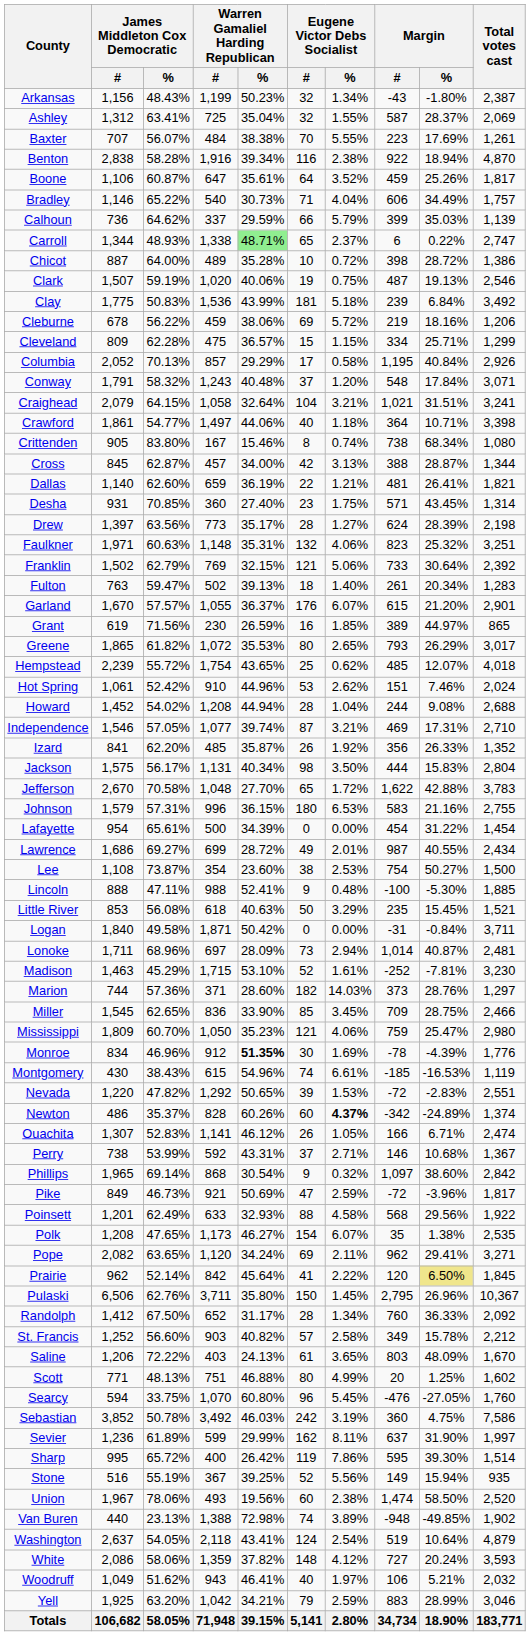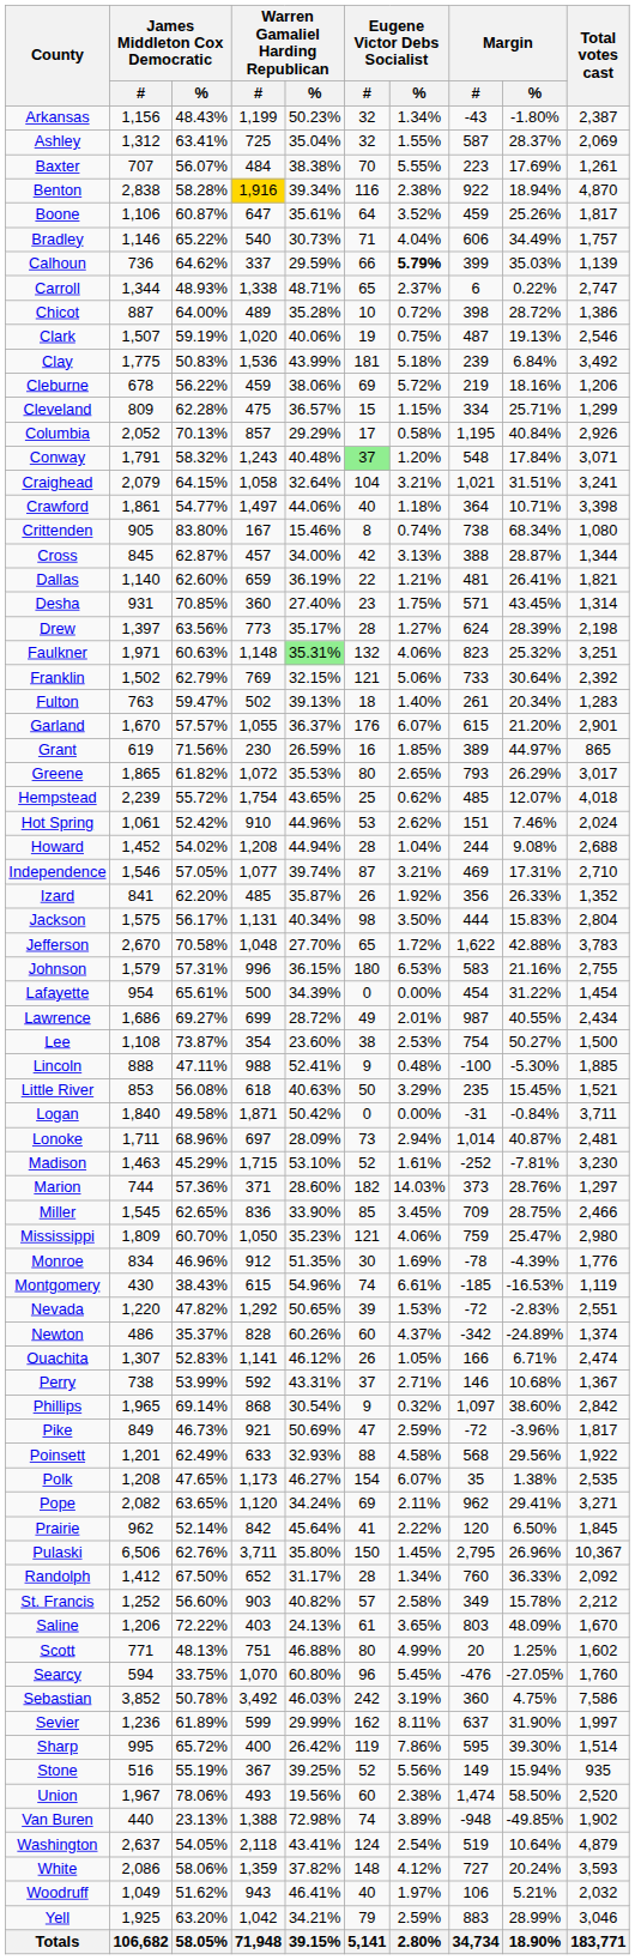 <table width="70%" class="wikitable sortable mw-collapsible mw-collapsed nowrap">
 <tr>
 <th rowspan="2">County</th>
 <th colspan="2">James Middleton Cox<br>Democratic</th>
 <th colspan="2">Warren Gamaliel Harding<br>Republican</th>
 <th colspan="2">Eugene Victor Debs<br>Socialist</th>
 <th colspan="2">Margin</th>
 <th rowspan="2">Total votes cast</th>
 </tr>
 <tr bgcolor="lightgrey">
 <th data-sort-type="number">#</th>
 <th data-sort-type="number">%</th>
 <th data-sort-type="number">#</th>
 <th data-sort-type="number">%</th>
 <th data-sort-type="number">#</th>
 <th data-sort-type="number">%</th>
 <th data-sort-type="number">#</th>
 <th data-sort-type="number">%</th>
 </tr>
 <tr style="text-align:center;">
 <td><a href='#'>Arkansas</a></td>
 <td>1,156</td>
 <td>48.43%</td>
 <td>1,199</td>
 <td>50.23%</td>
 <td>32</td>
 <td>1.34%</td>
 <td>-43</td>
 <td>-1.80%</td>
 <td>2,387</td>
 </tr>
 <tr style="text-align:center;">
 <td><a href='#'>Ashley</a></td>
 <td>1,312</td>
 <td>63.41%</td>
 <td>725</td>
 <td>35.04%</td>
 <td>32</td>
 <td>1.55%</td>
 <td>587</td>
 <td>28.37%</td>
 <td>2,069</td>
 </tr>
 <tr style="text-align:center;">
 <td><a href='#'>Baxter</a></td>
 <td>707</td>
 <td>56.07%</td>
 <td>484</td>
 <td>38.38%</td>
 <td>70</td>
 <td>5.55%</td>
 <td>223</td>
 <td>17.69%</td>
 <td>1,261</td>
 </tr>
 <tr style="text-align:center;">
 <td><a href='#'>Benton</a></td>
 <td>2,838</td>
 <td>58.28%</td>
-<td>1,916</td>
+<td style="background: gold;">1,916</td>
 <td>39.34%</td>
 <td>116</td>
 <td>2.38%</td>
 <td>922</td>
 <td>18.94%</td>
 <td>4,870</td>
 </tr>
 <tr style="text-align:center;">
 <td><a href='#'>Boone</a></td>
 <td>1,106</td>
 <td>60.87%</td>
 <td>647</td>
 <td>35.61%</td>
 <td>64</td>
 <td>3.52%</td>
 <td>459</td>
 <td>25.26%</td>
 <td>1,817</td>
 </tr>
 <tr style="text-align:center;">
 <td><a href='#'>Bradley</a></td>
 <td>1,146</td>
 <td>65.22%</td>
 <td>540</td>
 <td>30.73%</td>
 <td>71</td>
 <td>4.04%</td>
 <td>606</td>
 <td>34.49%</td>
 <td>1,757</td>
 </tr>
 <tr style="text-align:center;">
 <td><a href='#'>Calhoun</a></td>
 <td>736</td>
 <td>64.62%</td>
 <td>337</td>
 <td>29.59%</td>
 <td>66</td>
-<td>5.79%</td>
+<td><strong>5.79%</strong></td>
 <td>399</td>
 <td>35.03%</td>
 <td>1,139</td>
 </tr>
 <tr style="text-align:center;">
 <td><a href='#'>Carroll</a></td>
 <td>1,344</td>
 <td>48.93%</td>
 <td>1,338</td>
-<td style="background: lightgreen;">48.71%</td>
+<td>48.71%</td>
 <td>65</td>
 <td>2.37%</td>
 <td>6</td>
 <td>0.22%</td>
 <td>2,747</td>
 </tr>
 <tr style="text-align:center;">
 <td><a href='#'>Chicot</a></td>
 <td>887</td>
 <td>64.00%</td>
 <td>489</td>
 <td>35.28%</td>
 <td>10</td>
 <td>0.72%</td>
 <td>398</td>
 <td>28.72%</td>
 <td>1,386</td>
 </tr>
 <tr style="text-align:center;">
 <td><a href='#'>Clark</a></td>
 <td>1,507</td>
 <td>59.19%</td>
 <td>1,020</td>
 <td>40.06%</td>
 <td>19</td>
 <td>0.75%</td>
 <td>487</td>
 <td>19.13%</td>
 <td>2,546</td>
 </tr>
 <tr style="text-align:center;">
 <td><a href='#'>Clay</a></td>
 <td>1,775</td>
 <td>50.83%</td>
 <td>1,536</td>
 <td>43.99%</td>
 <td>181</td>
 <td>5.18%</td>
 <td>239</td>
 <td>6.84%</td>
 <td>3,492</td>
 </tr>
 <tr style="text-align:center;">
 <td><a href='#'>Cleburne</a></td>
 <td>678</td>
 <td>56.22%</td>
 <td>459</td>
 <td>38.06%</td>
 <td>69</td>
 <td>5.72%</td>
 <td>219</td>
 <td>18.16%</td>
 <td>1,206</td>
 </tr>
 <tr style="text-align:center;">
 <td><a href='#'>Cleveland</a></td>
 <td>809</td>
 <td>62.28%</td>
 <td>475</td>
 <td>36.57%</td>
 <td>15</td>
 <td>1.15%</td>
 <td>334</td>
 <td>25.71%</td>
 <td>1,299</td>
 </tr>
 <tr style="text-align:center;">
 <td><a href='#'>Columbia</a></td>
 <td>2,052</td>
 <td>70.13%</td>
 <td>857</td>
 <td>29.29%</td>
 <td>17</td>
 <td>0.58%</td>
 <td>1,195</td>
 <td>40.84%</td>
 <td>2,926</td>
 </tr>
 <tr style="text-align:center;">
 <td><a href='#'>Conway</a></td>
 <td>1,791</td>
 <td>58.32%</td>
 <td>1,243</td>
 <td>40.48%</td>
-<td>37</td>
+<td style="background: lightgreen;">37</td>
 <td>1.20%</td>
 <td>548</td>
 <td>17.84%</td>
 <td>3,071</td>
 </tr>
 <tr style="text-align:center;">
 <td><a href='#'>Craighead</a></td>
 <td>2,079</td>
 <td>64.15%</td>
 <td>1,058</td>
 <td>32.64%</td>
 <td>104</td>
 <td>3.21%</td>
 <td>1,021</td>
 <td>31.51%</td>
 <td>3,241</td>
 </tr>
 <tr style="text-align:center;">
 <td><a href='#'>Crawford</a></td>
 <td>1,861</td>
 <td>54.77%</td>
 <td>1,497</td>
 <td>44.06%</td>
 <td>40</td>
 <td>1.18%</td>
 <td>364</td>
 <td>10.71%</td>
 <td>3,398</td>
 </tr>
 <tr style="text-align:center;">
 <td><a href='#'>Crittenden</a></td>
 <td>905</td>
 <td>83.80%</td>
 <td>167</td>
 <td>15.46%</td>
 <td>8</td>
 <td>0.74%</td>
 <td>738</td>
 <td>68.34%</td>
 <td>1,080</td>
 </tr>
 <tr style="text-align:center;">
 <td><a href='#'>Cross</a></td>
 <td>845</td>
 <td>62.87%</td>
 <td>457</td>
 <td>34.00%</td>
 <td>42</td>
 <td>3.13%</td>
 <td>388</td>
 <td>28.87%</td>
 <td>1,344</td>
 </tr>
 <tr style="text-align:center;">
 <td><a href='#'>Dallas</a></td>
 <td>1,140</td>
 <td>62.60%</td>
 <td>659</td>
 <td>36.19%</td>
 <td>22</td>
 <td>1.21%</td>
 <td>481</td>
 <td>26.41%</td>
 <td>1,821</td>
 </tr>
 <tr style="text-align:center;">
 <td><a href='#'>Desha</a></td>
 <td>931</td>
 <td>70.85%</td>
 <td>360</td>
 <td>27.40%</td>
 <td>23</td>
 <td>1.75%</td>
 <td>571</td>
 <td>43.45%</td>
 <td>1,314</td>
 </tr>
 <tr style="text-align:center;">
 <td><a href='#'>Drew</a></td>
 <td>1,397</td>
 <td>63.56%</td>
 <td>773</td>
 <td>35.17%</td>
 <td>28</td>
 <td>1.27%</td>
 <td>624</td>
 <td>28.39%</td>
 <td>2,198</td>
 </tr>
 <tr style="text-align:center;">
 <td><a href='#'>Faulkner</a></td>
 <td>1,971</td>
 <td>60.63%</td>
 <td>1,148</td>
-<td>35.31%</td>
+<td style="background: lightgreen;">35.31%</td>
 <td>132</td>
 <td>4.06%</td>
 <td>823</td>
 <td>25.32%</td>
 <td>3,251</td>
 </tr>
 <tr style="text-align:center;">
 <td><a href='#'>Franklin</a></td>
 <td>1,502</td>
 <td>62.79%</td>
 <td>769</td>
 <td>32.15%</td>
 <td>121</td>
 <td>5.06%</td>
 <td>733</td>
 <td>30.64%</td>
 <td>2,392</td>
 </tr>
 <tr style="text-align:center;">
 <td><a href='#'>Fulton</a></td>
 <td>763</td>
 <td>59.47%</td>
 <td>502</td>
 <td>39.13%</td>
 <td>18</td>
 <td>1.40%</td>
 <td>261</td>
 <td>20.34%</td>
 <td>1,283</td>
 </tr>
 <tr style="text-align:center;">
 <td><a href='#'>Garland</a></td>
 <td>1,670</td>
 <td>57.57%</td>
 <td>1,055</td>
 <td>36.37%</td>
 <td>176</td>
 <td>6.07%</td>
 <td>615</td>
 <td>21.20%</td>
 <td>2,901</td>
 </tr>
 <tr style="text-align:center;">
 <td><a href='#'>Grant</a></td>
 <td>619</td>
 <td>71.56%</td>
 <td>230</td>
 <td>26.59%</td>
 <td>16</td>
 <td>1.85%</td>
 <td>389</td>
 <td>44.97%</td>
 <td>865</td>
 </tr>
 <tr style="text-align:center;">
 <td><a href='#'>Greene</a></td>
 <td>1,865</td>
 <td>61.82%</td>
 <td>1,072</td>
 <td>35.53%</td>
 <td>80</td>
 <td>2.65%</td>
 <td>793</td>
 <td>26.29%</td>
 <td>3,017</td>
 </tr>
 <tr style="text-align:center;">
 <td><a href='#'>Hempstead</a></td>
 <td>2,239</td>
 <td>55.72%</td>
 <td>1,754</td>
 <td>43.65%</td>
 <td>25</td>
 <td>0.62%</td>
 <td>485</td>
 <td>12.07%</td>
 <td>4,018</td>
 </tr>
 <tr style="text-align:center;">
 <td><a href='#'>Hot Spring</a></td>
 <td>1,061</td>
 <td>52.42%</td>
 <td>910</td>
 <td>44.96%</td>
 <td>53</td>
 <td>2.62%</td>
 <td>151</td>
 <td>7.46%</td>
 <td>2,024</td>
 </tr>
 <tr style="text-align:center;">
 <td><a href='#'>Howard</a></td>
 <td>1,452</td>
 <td>54.02%</td>
 <td>1,208</td>
 <td>44.94%</td>
 <td>28</td>
 <td>1.04%</td>
 <td>244</td>
 <td>9.08%</td>
 <td>2,688</td>
 </tr>
 <tr style="text-align:center;">
 <td><a href='#'>Independence</a></td>
 <td>1,546</td>
 <td>57.05%</td>
 <td>1,077</td>
 <td>39.74%</td>
 <td>87</td>
 <td>3.21%</td>
 <td>469</td>
 <td>17.31%</td>
 <td>2,710</td>
 </tr>
 <tr style="text-align:center;">
 <td><a href='#'>Izard</a></td>
 <td>841</td>
 <td>62.20%</td>
 <td>485</td>
 <td>35.87%</td>
 <td>26</td>
 <td>1.92%</td>
 <td>356</td>
 <td>26.33%</td>
 <td>1,352</td>
 </tr>
 <tr style="text-align:center;">
 <td><a href='#'>Jackson</a></td>
 <td>1,575</td>
 <td>56.17%</td>
 <td>1,131</td>
 <td>40.34%</td>
 <td>98</td>
 <td>3.50%</td>
 <td>444</td>
 <td>15.83%</td>
 <td>2,804</td>
 </tr>
 <tr style="text-align:center;">
 <td><a href='#'>Jefferson</a></td>
 <td>2,670</td>
 <td>70.58%</td>
 <td>1,048</td>
 <td>27.70%</td>
 <td>65</td>
 <td>1.72%</td>
 <td>1,622</td>
 <td>42.88%</td>
 <td>3,783</td>
 </tr>
 <tr style="text-align:center;">
 <td><a href='#'>Johnson</a></td>
 <td>1,579</td>
 <td>57.31%</td>
 <td>996</td>
 <td>36.15%</td>
 <td>180</td>
 <td>6.53%</td>
 <td>583</td>
 <td>21.16%</td>
 <td>2,755</td>
 </tr>
 <tr style="text-align:center;">
 <td><a href='#'>Lafayette</a></td>
 <td>954</td>
 <td>65.61%</td>
 <td>500</td>
 <td>34.39%</td>
 <td>0</td>
 <td>0.00%</td>
 <td>454</td>
 <td>31.22%</td>
 <td>1,454</td>
 </tr>
 <tr style="text-align:center;">
 <td><a href='#'>Lawrence</a></td>
 <td>1,686</td>
 <td>69.27%</td>
 <td>699</td>
 <td>28.72%</td>
 <td>49</td>
 <td>2.01%</td>
 <td>987</td>
 <td>40.55%</td>
 <td>2,434</td>
 </tr>
 <tr style="text-align:center;">
 <td><a href='#'>Lee</a></td>
 <td>1,108</td>
 <td>73.87%</td>
 <td>354</td>
 <td>23.60%</td>
 <td>38</td>
 <td>2.53%</td>
 <td>754</td>
 <td>50.27%</td>
 <td>1,500</td>
 </tr>
 <tr style="text-align:center;">
 <td><a href='#'>Lincoln</a></td>
 <td>888</td>
 <td>47.11%</td>
 <td>988</td>
 <td>52.41%</td>
 <td>9</td>
 <td>0.48%</td>
 <td>-100</td>
 <td>-5.30%</td>
 <td>1,885</td>
 </tr>
 <tr style="text-align:center;">
 <td><a href='#'>Little River</a></td>
 <td>853</td>
 <td>56.08%</td>
 <td>618</td>
 <td>40.63%</td>
 <td>50</td>
 <td>3.29%</td>
 <td>235</td>
 <td>15.45%</td>
 <td>1,521</td>
 </tr>
 <tr style="text-align:center;">
 <td><a href='#'>Logan</a></td>
 <td>1,840</td>
 <td>49.58%</td>
 <td>1,871</td>
 <td>50.42%</td>
 <td>0</td>
 <td>0.00%</td>
 <td>-31</td>
 <td>-0.84%</td>
 <td>3,711</td>
 </tr>
 <tr style="text-align:center;">
 <td><a href='#'>Lonoke</a></td>
 <td>1,711</td>
 <td>68.96%</td>
 <td>697</td>
 <td>28.09%</td>
 <td>73</td>
 <td>2.94%</td>
 <td>1,014</td>
 <td>40.87%</td>
 <td>2,481</td>
 </tr>
 <tr style="text-align:center;">
 <td><a href='#'>Madison</a></td>
 <td>1,463</td>
 <td>45.29%</td>
 <td>1,715</td>
 <td>53.10%</td>
 <td>52</td>
 <td>1.61%</td>
 <td>-252</td>
 <td>-7.81%</td>
 <td>3,230</td>
 </tr>
 <tr style="text-align:center;">
 <td><a href='#'>Marion</a></td>
 <td>744</td>
 <td>57.36%</td>
 <td>371</td>
 <td>28.60%</td>
 <td>182</td>
 <td>14.03%</td>
 <td>373</td>
 <td>28.76%</td>
 <td>1,297</td>
 </tr>
 <tr style="text-align:center;">
 <td><a href='#'>Miller</a></td>
 <td>1,545</td>
 <td>62.65%</td>
 <td>836</td>
 <td>33.90%</td>
 <td>85</td>
 <td>3.45%</td>
 <td>709</td>
 <td>28.75%</td>
 <td>2,466</td>
 </tr>
 <tr style="text-align:center;">
 <td><a href='#'>Mississippi</a></td>
 <td>1,809</td>
 <td>60.70%</td>
 <td>1,050</td>
 <td>35.23%</td>
 <td>121</td>
 <td>4.06%</td>
 <td>759</td>
 <td>25.47%</td>
 <td>2,980</td>
 </tr>
 <tr style="text-align:center;">
 <td><a href='#'>Monroe</a></td>
 <td>834</td>
 <td>46.96%</td>
 <td>912</td>
-<td><strong>51.35%</strong></td>
+<td>51.35%</td>
 <td>30</td>
 <td>1.69%</td>
 <td>-78</td>
 <td>-4.39%</td>
 <td>1,776</td>
 </tr>
 <tr style="text-align:center;">
 <td><a href='#'>Montgomery</a></td>
 <td>430</td>
 <td>38.43%</td>
 <td>615</td>
 <td>54.96%</td>
 <td>74</td>
 <td>6.61%</td>
 <td>-185</td>
 <td>-16.53%</td>
 <td>1,119</td>
 </tr>
 <tr style="text-align:center;">
 <td><a href='#'>Nevada</a></td>
 <td>1,220</td>
 <td>47.82%</td>
 <td>1,292</td>
 <td>50.65%</td>
 <td>39</td>
 <td>1.53%</td>
 <td>-72</td>
 <td>-2.83%</td>
 <td>2,551</td>
 </tr>
 <tr style="text-align:center;">
 <td><a href='#'>Newton</a></td>
 <td>486</td>
 <td>35.37%</td>
 <td>828</td>
 <td>60.26%</td>
 <td>60</td>
-<td><strong>4.37%</strong></td>
+<td>4.37%</td>
 <td>-342</td>
 <td>-24.89%</td>
 <td>1,374</td>
 </tr>
 <tr style="text-align:center;">
 <td><a href='#'>Ouachita</a></td>
 <td>1,307</td>
 <td>52.83%</td>
 <td>1,141</td>
 <td>46.12%</td>
 <td>26</td>
 <td>1.05%</td>
 <td>166</td>
 <td>6.71%</td>
 <td>2,474</td>
 </tr>
 <tr style="text-align:center;">
 <td><a href='#'>Perry</a></td>
 <td>738</td>
 <td>53.99%</td>
 <td>592</td>
 <td>43.31%</td>
 <td>37</td>
 <td>2.71%</td>
 <td>146</td>
 <td>10.68%</td>
 <td>1,367</td>
 </tr>
 <tr style="text-align:center;">
 <td><a href='#'>Phillips</a></td>
 <td>1,965</td>
 <td>69.14%</td>
 <td>868</td>
 <td>30.54%</td>
 <td>9</td>
 <td>0.32%</td>
 <td>1,097</td>
 <td>38.60%</td>
 <td>2,842</td>
 </tr>
 <tr style="text-align:center;">
 <td><a href='#'>Pike</a></td>
 <td>849</td>
 <td>46.73%</td>
 <td>921</td>
 <td>50.69%</td>
 <td>47</td>
 <td>2.59%</td>
 <td>-72</td>
 <td>-3.96%</td>
 <td>1,817</td>
 </tr>
 <tr style="text-align:center;">
 <td><a href='#'>Poinsett</a></td>
 <td>1,201</td>
 <td>62.49%</td>
 <td>633</td>
 <td>32.93%</td>
 <td>88</td>
 <td>4.58%</td>
 <td>568</td>
 <td>29.56%</td>
 <td>1,922</td>
 </tr>
 <tr style="text-align:center;">
 <td><a href='#'>Polk</a></td>
 <td>1,208</td>
 <td>47.65%</td>
 <td>1,173</td>
 <td>46.27%</td>
 <td>154</td>
 <td>6.07%</td>
 <td>35</td>
 <td>1.38%</td>
 <td>2,535</td>
 </tr>
 <tr style="text-align:center;">
 <td><a href='#'>Pope</a></td>
 <td>2,082</td>
 <td>63.65%</td>
 <td>1,120</td>
 <td>34.24%</td>
 <td>69</td>
 <td>2.11%</td>
 <td>962</td>
 <td>29.41%</td>
 <td>3,271</td>
 </tr>
 <tr style="text-align:center;">
 <td><a href='#'>Prairie</a></td>
 <td>962</td>
 <td>52.14%</td>
 <td>842</td>
 <td>45.64%</td>
 <td>41</td>
 <td>2.22%</td>
 <td>120</td>
-<td style="background: khaki;">6.50%</td>
+<td>6.50%</td>
 <td>1,845</td>
 </tr>
 <tr style="text-align:center;">
 <td><a href='#'>Pulaski</a></td>
 <td>6,506</td>
 <td>62.76%</td>
 <td>3,711</td>
 <td>35.80%</td>
 <td>150</td>
 <td>1.45%</td>
 <td>2,795</td>
 <td>26.96%</td>
 <td>10,367</td>
 </tr>
 <tr style="text-align:center;">
 <td><a href='#'>Randolph</a></td>
 <td>1,412</td>
 <td>67.50%</td>
 <td>652</td>
 <td>31.17%</td>
 <td>28</td>
 <td>1.34%</td>
 <td>760</td>
 <td>36.33%</td>
 <td>2,092</td>
 </tr>
 <tr style="text-align:center;">
 <td><a href='#'>St. Francis</a></td>
 <td>1,252</td>
 <td>56.60%</td>
 <td>903</td>
 <td>40.82%</td>
 <td>57</td>
 <td>2.58%</td>
 <td>349</td>
 <td>15.78%</td>
 <td>2,212</td>
 </tr>
 <tr style="text-align:center;">
 <td><a href='#'>Saline</a></td>
 <td>1,206</td>
 <td>72.22%</td>
 <td>403</td>
 <td>24.13%</td>
 <td>61</td>
 <td>3.65%</td>
 <td>803</td>
 <td>48.09%</td>
 <td>1,670</td>
 </tr>
 <tr style="text-align:center;">
 <td><a href='#'>Scott</a></td>
 <td>771</td>
 <td>48.13%</td>
 <td>751</td>
 <td>46.88%</td>
 <td>80</td>
 <td>4.99%</td>
 <td>20</td>
 <td>1.25%</td>
 <td>1,602</td>
 </tr>
 <tr style="text-align:center;">
 <td><a href='#'>Searcy</a></td>
 <td>594</td>
 <td>33.75%</td>
 <td>1,070</td>
 <td>60.80%</td>
 <td>96</td>
 <td>5.45%</td>
 <td>-476</td>
 <td>-27.05%</td>
 <td>1,760</td>
 </tr>
 <tr style="text-align:center;">
 <td><a href='#'>Sebastian</a></td>
 <td>3,852</td>
 <td>50.78%</td>
 <td>3,492</td>
 <td>46.03%</td>
 <td>242</td>
 <td>3.19%</td>
 <td>360</td>
 <td>4.75%</td>
 <td>7,586</td>
 </tr>
 <tr style="text-align:center;">
 <td><a href='#'>Sevier</a></td>
 <td>1,236</td>
 <td>61.89%</td>
 <td>599</td>
 <td>29.99%</td>
 <td>162</td>
 <td>8.11%</td>
 <td>637</td>
 <td>31.90%</td>
 <td>1,997</td>
 </tr>
 <tr style="text-align:center;">
 <td><a href='#'>Sharp</a></td>
 <td>995</td>
 <td>65.72%</td>
 <td>400</td>
 <td>26.42%</td>
 <td>119</td>
 <td>7.86%</td>
 <td>595</td>
 <td>39.30%</td>
 <td>1,514</td>
 </tr>
 <tr style="text-align:center;">
 <td><a href='#'>Stone</a></td>
 <td>516</td>
 <td>55.19%</td>
 <td>367</td>
 <td>39.25%</td>
 <td>52</td>
 <td>5.56%</td>
 <td>149</td>
 <td>15.94%</td>
 <td>935</td>
 </tr>
 <tr style="text-align:center;">
 <td><a href='#'>Union</a></td>
 <td>1,967</td>
 <td>78.06%</td>
 <td>493</td>
 <td>19.56%</td>
 <td>60</td>
 <td>2.38%</td>
 <td>1,474</td>
 <td>58.50%</td>
 <td>2,520</td>
 </tr>
 <tr style="text-align:center;">
 <td><a href='#'>Van Buren</a></td>
 <td>440</td>
 <td>23.13%</td>
 <td>1,388</td>
 <td>72.98%</td>
 <td>74</td>
 <td>3.89%</td>
 <td>-948</td>
 <td>-49.85%</td>
 <td>1,902</td>
 </tr>
 <tr style="text-align:center;">
 <td><a href='#'>Washington</a></td>
 <td>2,637</td>
 <td>54.05%</td>
 <td>2,118</td>
 <td>43.41%</td>
 <td>124</td>
 <td>2.54%</td>
 <td>519</td>
 <td>10.64%</td>
 <td>4,879</td>
 </tr>
 <tr style="text-align:center;">
 <td><a href='#'>White</a></td>
 <td>2,086</td>
 <td>58.06%</td>
 <td>1,359</td>
 <td>37.82%</td>
 <td>148</td>
 <td>4.12%</td>
 <td>727</td>
 <td>20.24%</td>
 <td>3,593</td>
 </tr>
 <tr style="text-align:center;">
 <td><a href='#'>Woodruff</a></td>
 <td>1,049</td>
 <td>51.62%</td>
 <td>943</td>
 <td>46.41%</td>
 <td>40</td>
 <td>1.97%</td>
 <td>106</td>
 <td>5.21%</td>
 <td>2,032</td>
 </tr>
 <tr style="text-align:center;">
 <td><a href='#'>Yell</a></td>
 <td>1,925</td>
 <td>63.20%</td>
 <td>1,042</td>
 <td>34.21%</td>
 <td>79</td>
 <td>2.59%</td>
 <td>883</td>
 <td>28.99%</td>
 <td>3,046</td>
 </tr>
 <tr>
 <th>Totals</th>
 <th>106,682</th>
 <th>58.05%</th>
 <th>71,948</th>
 <th>39.15%</th>
 <th>5,141</th>
 <th>2.80%</th>
 <th>34,734</th>
 <th>18.90%</th>
 <th>183,771</th>
 </tr>
 </table>
